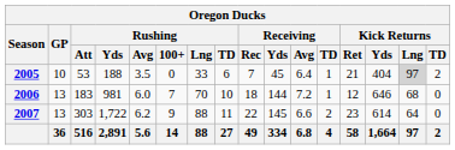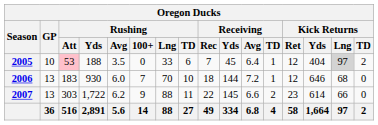 <table class=wikitable style="text-align:center;">
 <tr>
 <th colspan="16">Oregon Ducks</th>
 </tr>
 <tr>
 <th rowspan="2">Season</th>
 <th rowspan="2">GP</th>
 <th colspan="6">Rushing</th>
 <th colspan="4">Receiving</th>
 <th colspan="4">Kick Returns</th>
 </tr>
 <tr>
 <th>Att</th>
 <th>Yds</th>
 <th>Avg</th>
 <th>100+</th>
 <th>Lng</th>
 <th>TD</th>
 <th>Rec</th>
 <th>Yds</th>
 <th>Avg</th>
 <th>TD</th>
 <th>Ret</th>
 <th>Yds</th>
 <th>Lng</th>
 <th>TD</th>
 </tr>
 <tr>
 <th><a href='#'>2005</a></th>
 <td>10</td>
-<td>53</td>
+<td style="background: pink;">53</td>
 <td>188</td>
 <td>3.5</td>
 <td>0</td>
 <td>33</td>
 <td>6</td>
 <td>7</td>
 <td>45</td>
 <td>6.4</td>
 <td>1</td>
-<td>21</td>
+<td>12</td>
 <td>404</td>
 <td style="background: lightgrey;">97</td>
 <td>2</td>
 </tr>
 <tr>
 <th><a href='#'>2006</a></th>
 <td>13</td>
 <td>183</td>
-<td>981</td>
+<td>930</td>
 <td>6.0</td>
 <td>7</td>
 <td>70</td>
 <td>10</td>
 <td>18</td>
 <td>144</td>
 <td>7.2</td>
 <td>1</td>
 <td>12</td>
 <td>646</td>
 <td>68</td>
 <td>0</td>
 </tr>
 <tr>
 <th><a href='#'>2007</a></th>
 <td>13</td>
 <td>303</td>
 <td>1,722</td>
 <td>6.2</td>
 <td>9</td>
 <td>88</td>
 <td>11</td>
 <td>22</td>
 <td>145</td>
 <td>6.6</td>
 <td>2</td>
 <td>23</td>
 <td>614</td>
-<td>64</td>
+<td>66</td>
 <td>0</td>
 </tr>
 <tr>
 <th></th>
 <th>36</th>
 <th>516</th>
 <th>2,891</th>
 <th>5.6</th>
 <th>14</th>
 <th>88</th>
 <th>27</th>
 <th>49</th>
 <th>334</th>
 <th>6.8</th>
 <th>4</th>
 <th>58</th>
 <th>1,664</th>
 <th>97</th>
 <th>2</th>
 </tr>
 </table>
